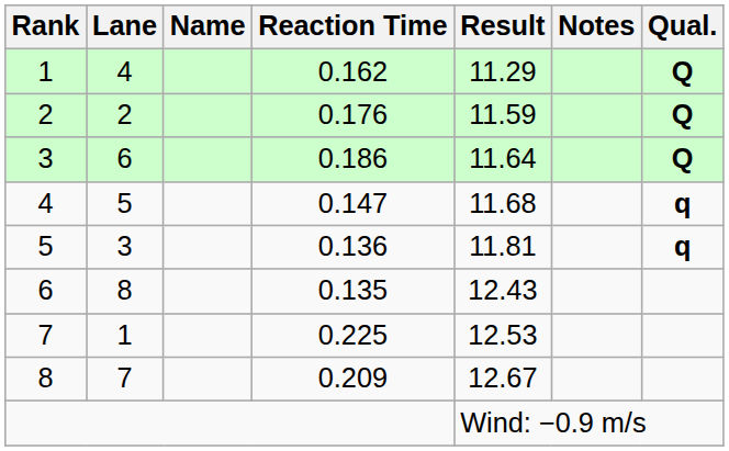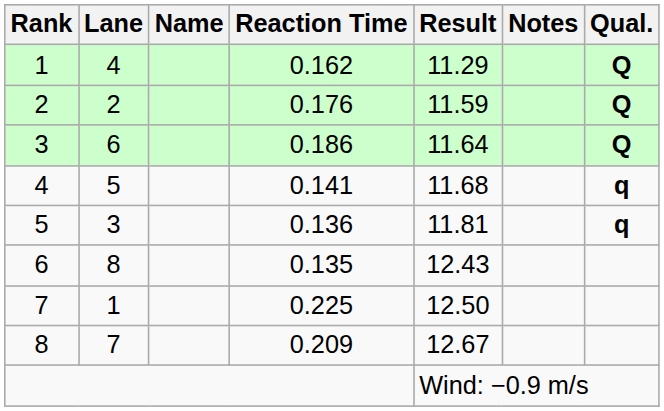 <table class="wikitable" style="text-align:center">
 <tr>
 <th>Rank</th>
 <th>Lane</th>
 <th>Name</th>
 <th>Reaction Time</th>
 <th>Result</th>
 <th>Notes</th>
 <th>Qual.</th>
 </tr>
 <tr bgcolor=ccffcc>
 <td>1</td>
 <td>4</td>
 <td align="left"></td>
 <td>0.162</td>
 <td>11.29</td>
 <td></td>
 <td><strong>Q</strong></td>
 </tr>
 <tr bgcolor=ccffcc>
 <td>2</td>
 <td>2</td>
 <td align="left"></td>
 <td>0.176</td>
 <td>11.59</td>
 <td></td>
 <td><strong>Q</strong></td>
 </tr>
 <tr bgcolor=ccffcc>
 <td>3</td>
 <td>6</td>
 <td align="left"></td>
 <td>0.186</td>
 <td>11.64</td>
 <td></td>
 <td><strong>Q</strong></td>
 </tr>
 <tr -bgcolor=ddffdd>
 <td>4</td>
 <td>5</td>
 <td align="left"></td>
-<td>0.147</td>
+<td>0.141</td>
 <td>11.68</td>
 <td></td>
 <td><strong>q</strong></td>
 </tr>
 <tr -bgcolor=ddffdd>
 <td>5</td>
 <td>3</td>
 <td align="left"></td>
 <td>0.136</td>
 <td>11.81</td>
 <td></td>
 <td><strong>q</strong></td>
 </tr>
 <tr>
 <td>6</td>
 <td>8</td>
 <td align="left"></td>
 <td>0.135</td>
 <td>12.43</td>
 <td></td>
 <td></td>
 </tr>
 <tr>
 <td>7</td>
 <td>1</td>
 <td align="left"></td>
 <td>0.225</td>
-<td>12.53</td>
+<td>12.50</td>
 <td></td>
 <td></td>
 </tr>
 <tr>
 <td>8</td>
 <td>7</td>
 <td align="left"></td>
 <td>0.209</td>
 <td>12.67</td>
 <td></td>
 <td></td>
 </tr>
 <tr class="sortbottom">
 <td colspan=4></td>
 <td colspan="3" style="text-align:left;">Wind: −0.9 m/s</td>
 </tr>
 </table>
